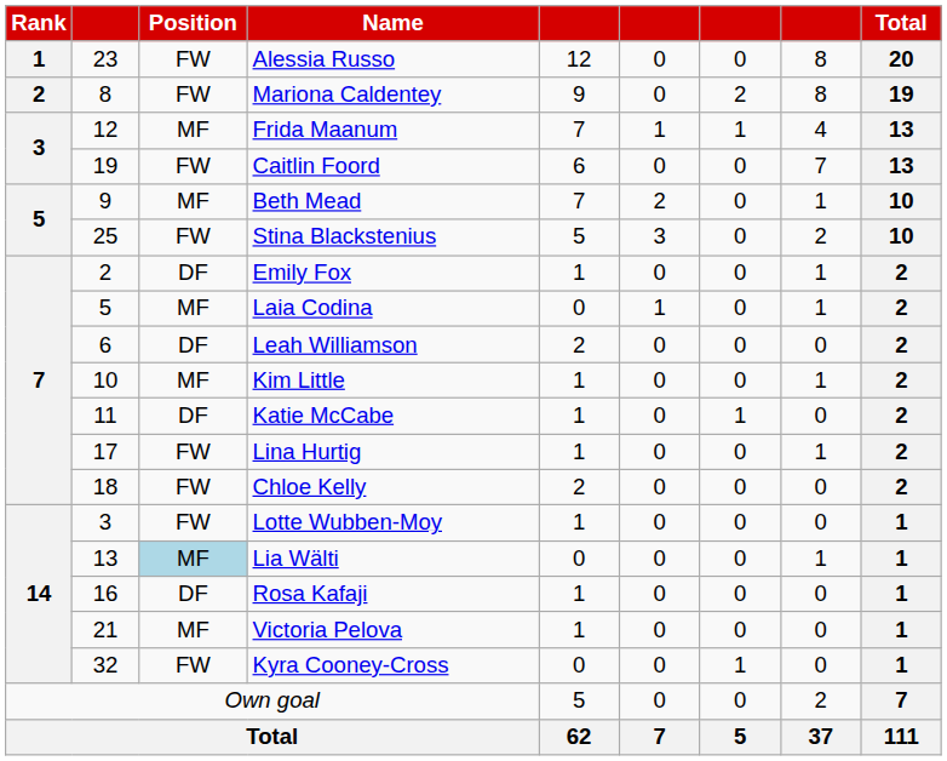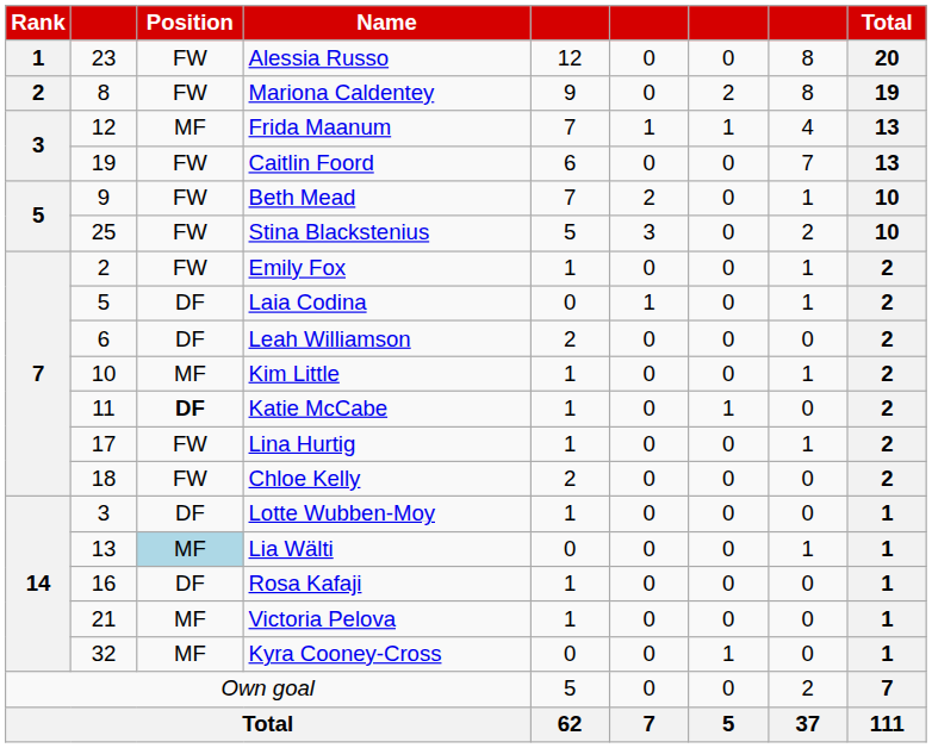 <table class="wikitable sortable" style="text-align:center; font-size:100%; ">
 <tr>
 <th style="background:#d50000; color:white; text-align:center; width:40px;">Rank</th>
 <th style="background:#d50000; color:white; text-align:center; width:40px;"></th>
 <th style="background:#d50000; color:white; text-align:center; width:70px;">Position</th>
 <th style="background:#d50000; color:white; text-align:center; width:200px;">Name</th>
 <th style="background:#d50000; color:white; text-align:center; width:50px;"><a href='#'></a></th>
 <th style="background:#d50000; color:white; text-align:center; width:50px;"><a href='#'></a></th>
 <th style="background:#d50000; color:white; text-align:center; width:50px;"><a href='#'></a></th>
 <th style="background:#d50000; color:white; text-align:center; width:50px;"><a href='#'></a></th>
 <th style="background:#d50000; color:white; text-align:center; width:50px;">Total</th>
 </tr>
 <tr>
 <th>1</th>
 <td>23</td>
 <td>FW</td>
 <td align="left"> <a href='#'>Alessia Russo</a></td>
 <td>12</td>
 <td>0</td>
 <td>0</td>
 <td>8</td>
 <th>20</th>
 </tr>
 <tr>
 <th>2</th>
 <td>8</td>
 <td>FW</td>
 <td align="left"> <a href='#'>Mariona Caldentey</a></td>
 <td>9</td>
 <td>0</td>
 <td>2</td>
 <td>8</td>
 <th>19</th>
 </tr>
 <tr>
 <th rowspan="2">3</th>
 <td>12</td>
 <td>MF</td>
 <td align="left"> <a href='#'>Frida Maanum</a></td>
 <td>7</td>
 <td>1</td>
 <td>1</td>
 <td>4</td>
 <th>13</th>
 </tr>
 <tr>
 <td>19</td>
 <td>FW</td>
 <td align="left"> <a href='#'>Caitlin Foord</a></td>
 <td>6</td>
 <td>0</td>
 <td>0</td>
 <td>7</td>
 <th>13</th>
 </tr>
 <tr>
 <th rowspan="2">5</th>
 <td>9</td>
-<td>MF</td>
+<td>FW</td>
 <td align="left"> <a href='#'>Beth Mead</a></td>
 <td>7</td>
 <td>2</td>
 <td>0</td>
 <td>1</td>
 <th>10</th>
 </tr>
 <tr>
 <td>25</td>
 <td>FW</td>
 <td align="left"> <a href='#'>Stina Blackstenius</a></td>
 <td>5</td>
 <td>3</td>
 <td>0</td>
 <td>2</td>
 <th>10</th>
 </tr>
 <tr>
 <th rowspan="7">7</th>
 <td>2</td>
-<td>DF</td>
+<td>FW</td>
 <td align="left"> <a href='#'>Emily Fox</a></td>
 <td>1</td>
 <td>0</td>
 <td>0</td>
 <td>1</td>
 <th>2</th>
 </tr>
 <tr>
 <td>5</td>
-<td>MF</td>
+<td>DF</td>
 <td align="left"> <a href='#'>Laia Codina</a></td>
 <td>0</td>
 <td>1</td>
 <td>0</td>
 <td>1</td>
 <th>2</th>
 </tr>
 <tr>
 <td>6</td>
 <td>DF</td>
 <td align="left"> <a href='#'>Leah Williamson</a></td>
 <td>2</td>
 <td>0</td>
 <td>0</td>
 <td>0</td>
 <th>2</th>
 </tr>
 <tr>
 <td>10</td>
 <td>MF</td>
 <td align="left"> <a href='#'>Kim Little</a></td>
 <td>1</td>
 <td>0</td>
 <td>0</td>
 <td>1</td>
 <th>2</th>
 </tr>
 <tr>
 <td>11</td>
-<td>DF</td>
+<td><strong>DF</strong></td>
 <td align="left"> <a href='#'>Katie McCabe</a></td>
 <td>1</td>
 <td>0</td>
 <td>1</td>
 <td>0</td>
 <th>2</th>
 </tr>
 <tr>
 <td>17</td>
 <td>FW</td>
 <td align="left"> <a href='#'>Lina Hurtig</a></td>
 <td>1</td>
 <td>0</td>
 <td>0</td>
 <td>1</td>
 <th>2</th>
 </tr>
 <tr>
 <td>18</td>
 <td>FW</td>
 <td align="left"> <a href='#'>Chloe Kelly</a></td>
 <td>2</td>
 <td>0</td>
 <td>0</td>
 <td>0</td>
 <th>2</th>
 </tr>
 <tr>
 <th rowspan="5">14</th>
 <td>3</td>
-<td>FW</td>
+<td>DF</td>
 <td align="left"> <a href='#'>Lotte Wubben-Moy</a></td>
 <td>1</td>
 <td>0</td>
 <td>0</td>
 <td>0</td>
 <th>1</th>
 </tr>
 <tr>
 <td>13</td>
 <td style="background: lightblue;">MF</td>
 <td align="left"> <a href='#'>Lia Wälti</a></td>
 <td>0</td>
 <td>0</td>
 <td>0</td>
 <td>1</td>
 <th>1</th>
 </tr>
 <tr>
 <td>16</td>
 <td>DF</td>
 <td align="left"> <a href='#'>Rosa Kafaji</a></td>
 <td>1</td>
 <td>0</td>
 <td>0</td>
 <td>0</td>
 <th>1</th>
 </tr>
 <tr>
 <td>21</td>
 <td>MF</td>
 <td align="left"> <a href='#'>Victoria Pelova</a></td>
 <td>1</td>
 <td>0</td>
 <td>0</td>
 <td>0</td>
 <th>1</th>
 </tr>
 <tr>
 <td>32</td>
-<td>FW</td>
+<td>MF</td>
 <td align="left"> <a href='#'>Kyra Cooney-Cross</a></td>
 <td>0</td>
 <td>0</td>
 <td>1</td>
 <td>0</td>
 <th>1</th>
 </tr>
 <tr>
 <td colspan="4"><em>Own goal</em></td>
 <td>5</td>
 <td>0</td>
 <td>0</td>
 <td>2</td>
 <th>7</th>
 </tr>
 <tr>
 <th colspan="4">Total</th>
 <th>62</th>
 <th>7</th>
 <th>5</th>
 <th>37</th>
 <th>111</th>
 </tr>
 </table>
